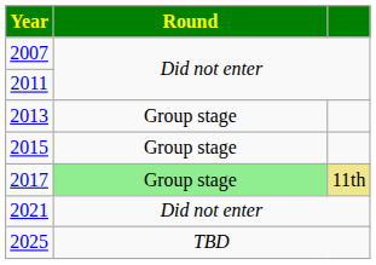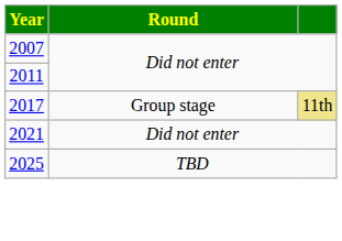 <table class="wikitable" style="text-align: center; font-size:90%">
 <tr style="color:yellow;">
 <th style="background:green;">Year</th>
 <th style="background:green; width:200px">Round</th>
 <th style="background:green;"></th>
 </tr>
 <tr>
 <td><a href='#'>2007</a></td>
 <td colspan="2" rowspan="2"><em>Did not enter</em></td>
 </tr>
 <tr>
 <td><a href='#'>2011</a></td>
 </tr>
 <tr>
-<td><a href='#'>2013</a></td>
+<td><a href='#'>2017</a></td>
 <td>Group stage</td>
-<td></td>
-</tr>
-<tr>
-<td><a href='#'>2015</a></td>
-<td>Group stage</td>
-<td></td>
-</tr>
-<tr>
-<td><a href='#'>2017</a></td>
-<td style="background: lightgreen;">Group stage</td>
 <td style="background: khaki;">11th</td>
 </tr>
 <tr>
 <td><a href='#'>2021</a></td>
 <td colspan="2"><em>Did not enter</em></td>
 </tr>
 <tr>
 <td><a href='#'>2025</a></td>
 <td colspan="2"><em>TBD</em></td>
 </tr>
 </table>
